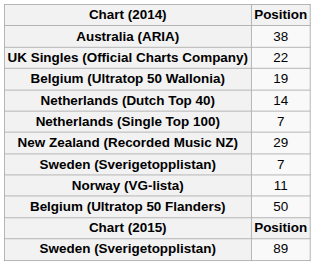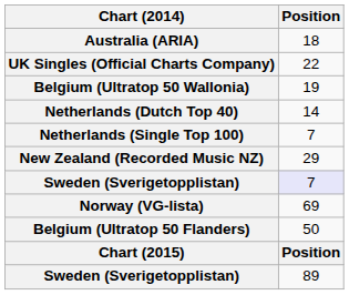 <table class="wikitable plainrowheaders sortable" style="text-align:center;">
 <tr>
 <th>Chart (2014)</th>
 <th>Position</th>
 </tr>
 <tr>
 <th scope="row">Australia (ARIA)</th>
-<td>38</td>
+<td>18</td>
 </tr>
 <tr>
 <th scope="row">UK Singles (Official Charts Company)</th>
 <td>22</td>
 </tr>
 <tr>
 <th scope="row">Belgium (Ultratop 50 Wallonia)</th>
 <td>19</td>
 </tr>
 <tr>
 <th scope="row">Netherlands (Dutch Top 40)</th>
 <td>14</td>
 </tr>
 <tr>
 <th scope="row">Netherlands (Single Top 100)</th>
 <td>7</td>
 </tr>
 <tr>
 <th scope="row">New Zealand (Recorded Music NZ)</th>
 <td>29</td>
 </tr>
 <tr>
 <th scope="row">Sweden (Sverigetopplistan)</th>
-<td>7</td>
+<td style="background: lavender;">7</td>
 </tr>
 <tr>
 <th scope="row">Norway (VG-lista)</th>
-<td>11</td>
+<td>69</td>
 </tr>
 <tr>
 <th scope="row">Belgium (Ultratop 50 Flanders)</th>
 <td>50</td>
 </tr>
 <tr>
 <th scope="col">Chart (2015)</th>
 <th scope="col">Position</th>
 </tr>
 <tr>
 <th scope="row">Sweden (Sverigetopplistan)</th>
 <td>89</td>
 </tr>
 </table>
